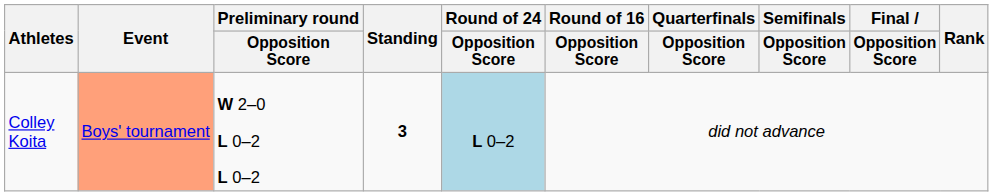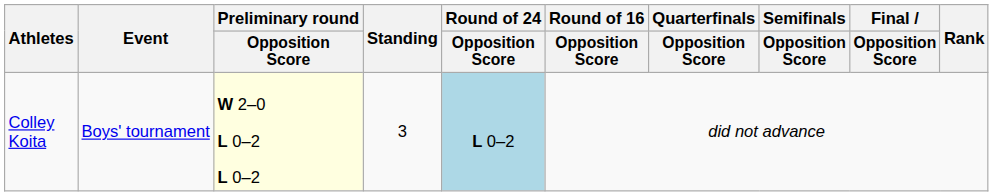 <table class=wikitable style="font-size:90%">
 <tr>
 <th rowspan="2">Athletes</th>
 <th rowspan="2">Event</th>
 <th>Preliminary round</th>
 <th rowspan="2">Standing</th>
 <th>Round of 24</th>
 <th>Round of 16</th>
 <th>Quarterfinals</th>
 <th>Semifinals</th>
 <th>Final / </th>
 <th rowspan=2>Rank</th>
 </tr>
 <tr style="font-size:95%">
 <th>Opposition<br>Score</th>
 <th>Opposition<br>Score</th>
 <th>Opposition<br>Score</th>
 <th>Opposition<br>Score</th>
 <th>Opposition<br>Score</th>
 <th>Opposition<br>Score</th>
 </tr>
 <tr align=center>
 <td align=left><a href='#'>Colley</a><br><a href='#'>Koita</a></td>
-<td align=left style="background: lightsalmon;"><a href='#'>Boys' tournament</a></td>
-<td align=left><br> <strong>W</strong> 2–0<br><br> <strong>L</strong> 0–2<br><br> <strong>L</strong> 0–2</td>
-<td><strong>3</strong></td>
+<td align=left><a href='#'>Boys' tournament</a></td>
+<td align=left style="background: lightyellow;"><br> <strong>W</strong> 2–0<br><br> <strong>L</strong> 0–2<br><br> <strong>L</strong> 0–2</td>
+<td>3</td>
 <td style="background: lightblue;"><br> <strong>L</strong> 0–2</td>
 <td colspan=5><em>did not advance</em></td>
 </tr>
 </table>
